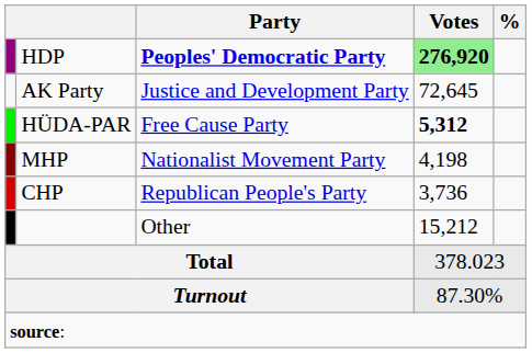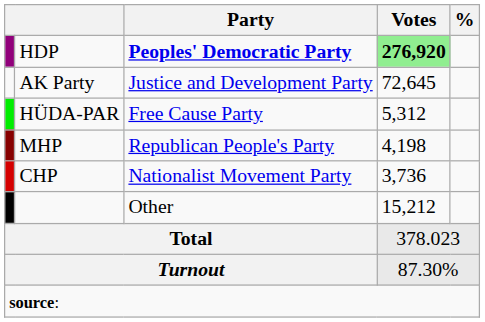 <table class="wikitable">
 <tr>
 <th colspan="2" align="center"></th>
 <th align="center">Party</th>
 <th align="center">Votes</th>
 <th align="center">%</th>
 </tr>
 <tr align="left">
 <td bgcolor="#91007B" width="1"></td>
 <td>HDP</td>
 <td><strong><a href='#'>Peoples' Democratic Party</a></strong></td>
 <td style="background: lightgreen;"><strong>276,920</strong></td>
 <td><strong></strong></td>
 </tr>
 <tr align="left">
 <td></td>
 <td>AK Party</td>
 <td><a href='#'>Justice and Development Party</a></td>
 <td>72,645</td>
 <td></td>
 </tr>
 <tr align="left">
 <td bgcolor="#Green" width="1"></td>
 <td>HÜDA-PAR</td>
 <td><a href='#'>Free Cause Party</a></td>
-<td><strong>5,312</strong></td>
+<td>5,312</td>
 <td></td>
 </tr>
 <tr align="left">
 <td bgcolor="#870000" width="1"></td>
 <td>MHP</td>
-<td><a href='#'>Nationalist Movement Party</a></td>
+<td><a href='#'>Republican People's Party</a></td>
 <td>4,198</td>
 <td></td>
 </tr>
 <tr align="left">
 <td bgcolor="#d50000" width="1"></td>
 <td>CHP</td>
-<td><a href='#'>Republican People's Party</a></td>
+<td><a href='#'>Nationalist Movement Party</a></td>
 <td>3,736</td>
 <td></td>
 </tr>
 <tr align="left">
 <td bgcolor=" " width="1"></td>
 <td></td>
 <td>Other</td>
 <td>15,212</td>
 <td></td>
 </tr>
 <tr align="left" style="background-color:#E9E9E9">
 <th colspan="3" align="center"><strong>Total</strong></th>
 <td colspan="5" align="center">378.023</td>
 </tr>
 <tr align="left" style="background-color:#E9E9E9">
 <th colspan="3" align="center"><em>Turnout</em></th>
 <td colspan="5" align="center">87.30%</td>
 </tr>
 <tr>
 <td colspan="9" align="left"><small><strong>source</strong>: </small></td>
 </tr>
 </table>
